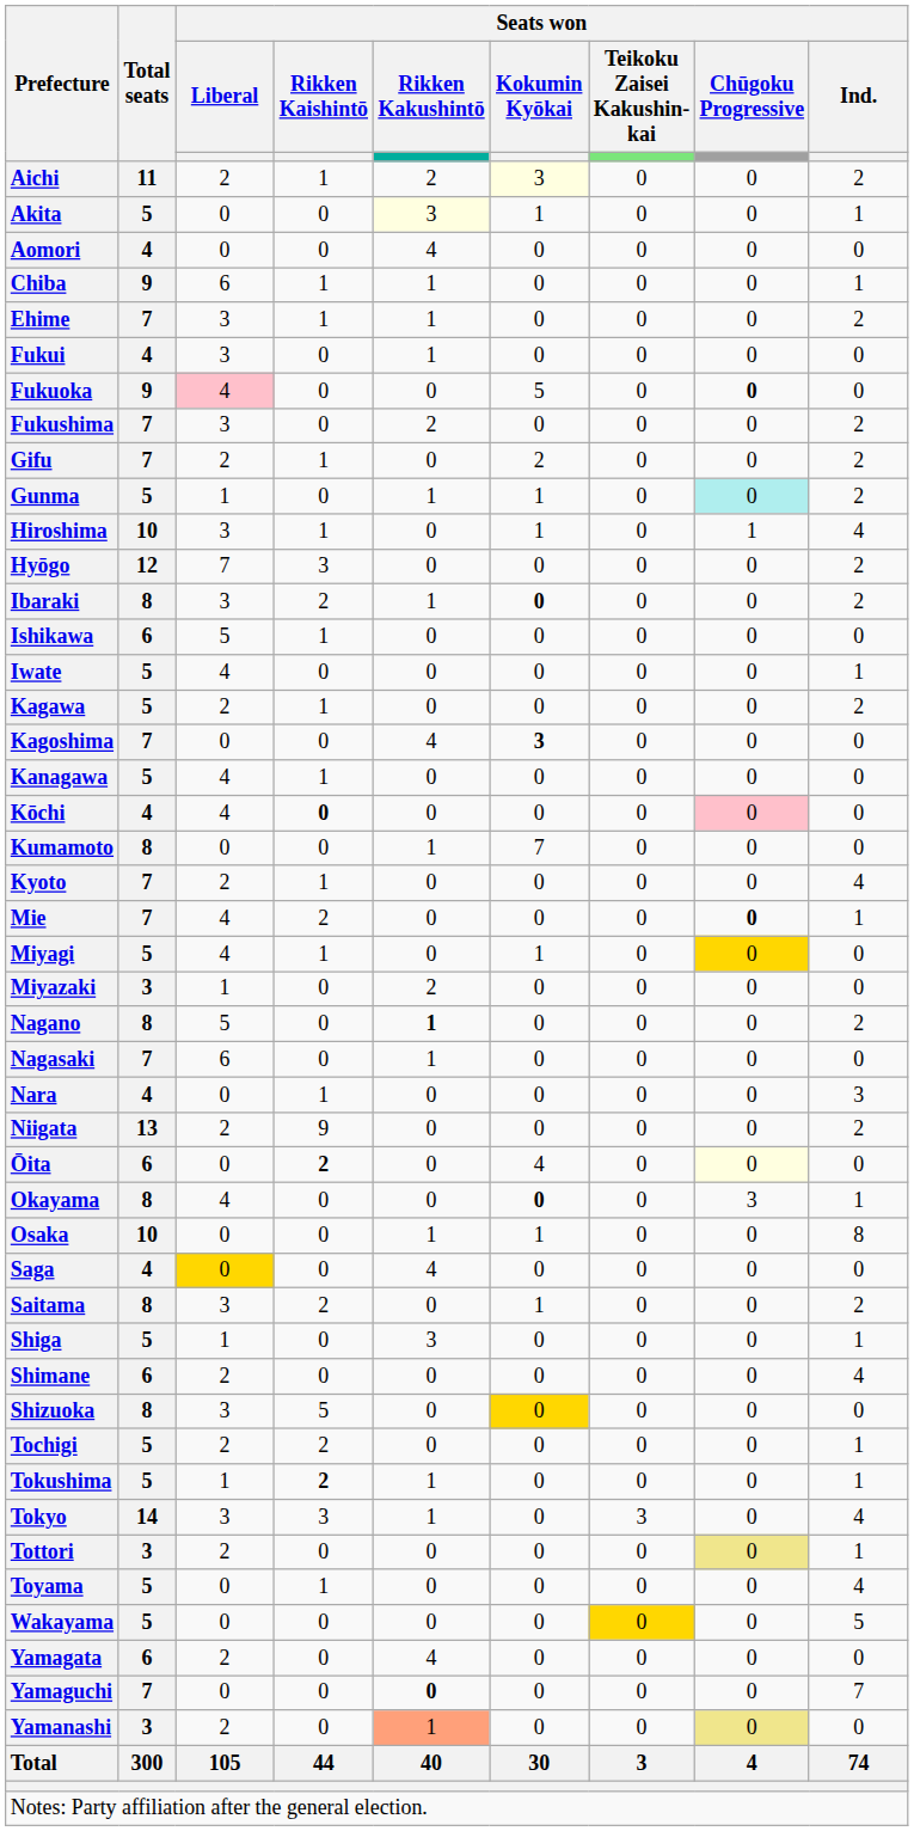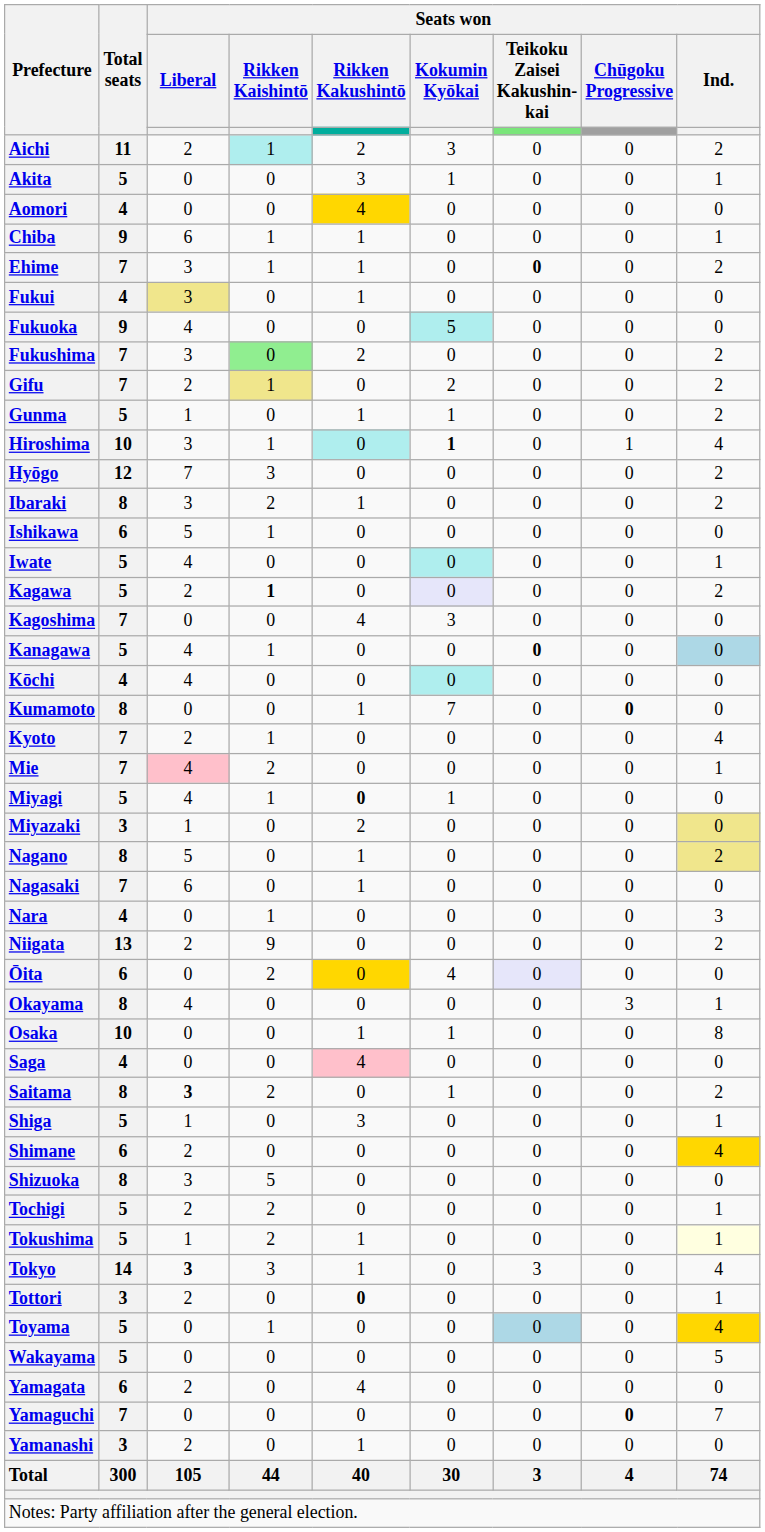 <table class="wikitable unsortable" style="text-align:center; font-size: 0.9em;">
 <tr>
 <th rowspan="3">Prefecture</th>
 <th rowspan="3">Total<br>seats</th>
 <th colspan="7">Seats won</th>
 </tr>
 <tr>
 <th class="unsortable" style="width:60px;"><a href='#'>Liberal</a></th>
 <th class="unsortable" style="width:60px;"><a href='#'>Rikken Kaishintō</a></th>
 <th class="unsortable" style="width:60px;"><a href='#'>Rikken Kakushintō</a></th>
 <th class="unsortable" style="width:60px;"><a href='#'>Kokumin Kyōkai</a></th>
 <th class="unsortable" style="width:60px;">Teikoku Zaisei Kakushin-kai</th>
 <th class="unsortable" style="width:60px;"><a href='#'>Chūgoku Progressive</a></th>
 <th class="unsortable" style="width:60px;">Ind.</th>
 </tr>
 <tr>
 <th style="background:"></th>
 <th style="background:"></th>
 <th style="background:#00AE9D;"></th>
 <th style="background:"></th>
 <th style="background:#7AE67A;"></th>
 <th style="background:#A0A0A0;"></th>
 <th style="background:"></th>
 </tr>
 <tr>
 <th style="text-align: left;"><a href='#'>Aichi</a></th>
 <th>11</th>
 <td>2</td>
-<td>1</td>
+<td style="background: paleturquoise;">1</td>
 <td>2</td>
-<td style="background: lightyellow;">3</td>
+<td>3</td>
 <td>0</td>
 <td>0</td>
 <td>2</td>
 </tr>
 <tr>
 <th style="text-align: left;"><a href='#'>Akita</a></th>
 <th>5</th>
 <td>0</td>
 <td>0</td>
-<td style="background: lightyellow;">3</td>
+<td>3</td>
 <td>1</td>
 <td>0</td>
 <td>0</td>
 <td>1</td>
 </tr>
 <tr>
 <th style="text-align: left;"><a href='#'>Aomori</a></th>
 <th>4</th>
 <td>0</td>
 <td>0</td>
-<td>4</td>
+<td style="background: gold;">4</td>
 <td>0</td>
 <td>0</td>
 <td>0</td>
 <td>0</td>
 </tr>
 <tr>
 <th style="text-align: left;"><a href='#'>Chiba</a></th>
 <th>9</th>
 <td>6</td>
 <td>1</td>
 <td>1</td>
 <td>0</td>
 <td>0</td>
 <td>0</td>
 <td>1</td>
 </tr>
 <tr>
 <th style="text-align: left;"><a href='#'>Ehime</a></th>
 <th>7</th>
 <td>3</td>
 <td>1</td>
 <td>1</td>
 <td>0</td>
-<td>0</td>
+<td><strong>0</strong></td>
 <td>0</td>
 <td>2</td>
 </tr>
 <tr>
 <th style="text-align: left;"><a href='#'>Fukui</a></th>
 <th>4</th>
-<td>3</td>
+<td style="background: khaki;">3</td>
 <td>0</td>
 <td>1</td>
 <td>0</td>
 <td>0</td>
 <td>0</td>
 <td>0</td>
 </tr>
 <tr>
 <th style="text-align: left;"><a href='#'>Fukuoka</a></th>
 <th>9</th>
-<td style="background: pink;">4</td>
+<td>4</td>
 <td>0</td>
 <td>0</td>
-<td>5</td>
+<td style="background: paleturquoise;">5</td>
 <td>0</td>
-<td><strong>0</strong></td>
+<td>0</td>
 <td>0</td>
 </tr>
 <tr>
 <th style="text-align: left;"><a href='#'>Fukushima</a></th>
 <th>7</th>
 <td>3</td>
-<td>0</td>
+<td style="background: lightgreen;">0</td>
 <td>2</td>
 <td>0</td>
 <td>0</td>
 <td>0</td>
 <td>2</td>
 </tr>
 <tr>
 <th style="text-align: left;"><a href='#'>Gifu</a></th>
 <th>7</th>
 <td>2</td>
-<td>1</td>
+<td style="background: khaki;">1</td>
 <td>0</td>
 <td>2</td>
 <td>0</td>
 <td>0</td>
 <td>2</td>
 </tr>
 <tr>
 <th style="text-align: left;"><a href='#'>Gunma</a></th>
 <th>5</th>
 <td>1</td>
 <td>0</td>
 <td>1</td>
 <td>1</td>
 <td>0</td>
-<td style="background: paleturquoise;">0</td>
+<td>0</td>
 <td>2</td>
 </tr>
 <tr>
 <th style="text-align: left;"><a href='#'>Hiroshima</a></th>
 <th>10</th>
 <td>3</td>
 <td>1</td>
-<td>0</td>
-<td>1</td>
+<td style="background: paleturquoise;">0</td>
+<td><strong>1</strong></td>
 <td>0</td>
 <td>1</td>
 <td>4</td>
 </tr>
 <tr>
 <th style="text-align: left;"><a href='#'>Hyōgo</a></th>
 <th>12</th>
 <td>7</td>
 <td>3</td>
 <td>0</td>
 <td>0</td>
 <td>0</td>
 <td>0</td>
 <td>2</td>
 </tr>
 <tr>
 <th style="text-align: left;"><a href='#'>Ibaraki</a></th>
 <th>8</th>
 <td>3</td>
 <td>2</td>
 <td>1</td>
-<td><strong>0</strong></td>
+<td>0</td>
 <td>0</td>
 <td>0</td>
 <td>2</td>
 </tr>
 <tr>
 <th style="text-align: left;"><a href='#'>Ishikawa</a></th>
 <th>6</th>
 <td>5</td>
 <td>1</td>
 <td>0</td>
 <td>0</td>
 <td>0</td>
 <td>0</td>
 <td>0</td>
 </tr>
 <tr>
 <th style="text-align: left;"><a href='#'>Iwate</a></th>
 <th>5</th>
 <td>4</td>
 <td>0</td>
 <td>0</td>
-<td>0</td>
+<td style="background: paleturquoise;">0</td>
 <td>0</td>
 <td>0</td>
 <td>1</td>
 </tr>
 <tr>
 <th style="text-align: left;"><a href='#'>Kagawa</a></th>
 <th>5</th>
 <td>2</td>
-<td>1</td>
+<td><strong>1</strong></td>
 <td>0</td>
-<td>0</td>
+<td style="background: lavender;">0</td>
 <td>0</td>
 <td>0</td>
 <td>2</td>
 </tr>
 <tr>
 <th style="text-align: left;"><a href='#'>Kagoshima</a></th>
 <th>7</th>
 <td>0</td>
 <td>0</td>
 <td>4</td>
-<td><strong>3</strong></td>
+<td>3</td>
 <td>0</td>
 <td>0</td>
 <td>0</td>
 </tr>
 <tr>
 <th style="text-align: left;"><a href='#'>Kanagawa</a></th>
 <th>5</th>
 <td>4</td>
 <td>1</td>
 <td>0</td>
 <td>0</td>
+<td><strong>0</strong></td>
 <td>0</td>
-<td>0</td>
-<td>0</td>
+<td style="background: lightblue;">0</td>
 </tr>
 <tr>
 <th style="text-align: left;"><a href='#'>Kōchi</a></th>
 <th>4</th>
 <td>4</td>
-<td><strong>0</strong></td>
 <td>0</td>
 <td>0</td>
+<td style="background: paleturquoise;">0</td>
 <td>0</td>
-<td style="background: pink;">0</td>
+<td>0</td>
 <td>0</td>
 </tr>
 <tr>
 <th style="text-align: left;"><a href='#'>Kumamoto</a></th>
 <th>8</th>
 <td>0</td>
 <td>0</td>
 <td>1</td>
 <td>7</td>
 <td>0</td>
-<td>0</td>
+<td><strong>0</strong></td>
 <td>0</td>
 </tr>
 <tr>
 <th style="text-align: left;"><a href='#'>Kyoto</a></th>
 <th>7</th>
 <td>2</td>
 <td>1</td>
 <td>0</td>
 <td>0</td>
 <td>0</td>
 <td>0</td>
 <td>4</td>
 </tr>
 <tr>
 <th style="text-align: left;"><a href='#'>Mie</a></th>
 <th>7</th>
-<td>4</td>
+<td style="background: pink;">4</td>
 <td>2</td>
 <td>0</td>
 <td>0</td>
 <td>0</td>
-<td><strong>0</strong></td>
+<td>0</td>
 <td>1</td>
 </tr>
 <tr>
 <th style="text-align: left;"><a href='#'>Miyagi</a></th>
 <th>5</th>
 <td>4</td>
 <td>1</td>
-<td>0</td>
+<td><strong>0</strong></td>
 <td>1</td>
 <td>0</td>
-<td style="background: gold;">0</td>
+<td>0</td>
 <td>0</td>
 </tr>
 <tr>
 <th style="text-align: left;"><a href='#'>Miyazaki</a></th>
 <th>3</th>
 <td>1</td>
 <td>0</td>
 <td>2</td>
 <td>0</td>
 <td>0</td>
 <td>0</td>
-<td>0</td>
+<td style="background: khaki;">0</td>
 </tr>
 <tr>
 <th style="text-align: left;"><a href='#'>Nagano</a></th>
 <th>8</th>
 <td>5</td>
 <td>0</td>
-<td><strong>1</strong></td>
+<td>1</td>
 <td>0</td>
 <td>0</td>
 <td>0</td>
-<td>2</td>
+<td style="background: khaki;">2</td>
 </tr>
 <tr>
 <th style="text-align: left;"><a href='#'>Nagasaki</a></th>
 <th>7</th>
 <td>6</td>
 <td>0</td>
 <td>1</td>
 <td>0</td>
 <td>0</td>
 <td>0</td>
 <td>0</td>
 </tr>
 <tr>
 <th style="text-align: left;"><a href='#'>Nara</a></th>
 <th>4</th>
 <td>0</td>
 <td>1</td>
 <td>0</td>
 <td>0</td>
 <td>0</td>
 <td>0</td>
 <td>3</td>
 </tr>
 <tr>
 <th style="text-align: left;"><a href='#'>Niigata</a></th>
 <th>13</th>
 <td>2</td>
 <td>9</td>
 <td>0</td>
 <td>0</td>
 <td>0</td>
 <td>0</td>
 <td>2</td>
 </tr>
 <tr>
 <th style="text-align: left;"><a href='#'>Ōita</a></th>
 <th>6</th>
 <td>0</td>
-<td><strong>2</strong></td>
+<td>2</td>
+<td style="background: gold;">0</td>
+<td>4</td>
+<td style="background: lavender;">0</td>
 <td>0</td>
-<td>4</td>
-<td>0</td>
-<td style="background: lightyellow;">0</td>
 <td>0</td>
 </tr>
 <tr>
 <th style="text-align: left;"><a href='#'>Okayama</a></th>
 <th>8</th>
 <td>4</td>
 <td>0</td>
 <td>0</td>
-<td><strong>0</strong></td>
+<td>0</td>
 <td>0</td>
 <td>3</td>
 <td>1</td>
 </tr>
 <tr>
 <th style="text-align: left;"><a href='#'>Osaka</a></th>
 <th>10</th>
 <td>0</td>
 <td>0</td>
 <td>1</td>
 <td>1</td>
 <td>0</td>
 <td>0</td>
 <td>8</td>
 </tr>
 <tr>
 <th style="text-align: left;"><a href='#'>Saga</a></th>
 <th>4</th>
-<td style="background: gold;">0</td>
 <td>0</td>
-<td>4</td>
+<td>0</td>
+<td style="background: pink;">4</td>
 <td>0</td>
 <td>0</td>
 <td>0</td>
 <td>0</td>
 </tr>
 <tr>
 <th style="text-align: left;"><a href='#'>Saitama</a></th>
 <th>8</th>
-<td>3</td>
+<td><strong>3</strong></td>
 <td>2</td>
 <td>0</td>
 <td>1</td>
 <td>0</td>
 <td>0</td>
 <td>2</td>
 </tr>
 <tr>
 <th style="text-align: left;"><a href='#'>Shiga</a></th>
 <th>5</th>
 <td>1</td>
 <td>0</td>
 <td>3</td>
 <td>0</td>
 <td>0</td>
 <td>0</td>
 <td>1</td>
 </tr>
 <tr>
 <th style="text-align: left;"><a href='#'>Shimane</a></th>
 <th>6</th>
 <td>2</td>
 <td>0</td>
 <td>0</td>
 <td>0</td>
 <td>0</td>
 <td>0</td>
-<td>4</td>
+<td style="background: gold;">4</td>
 </tr>
 <tr>
 <th style="text-align: left;"><a href='#'>Shizuoka</a></th>
 <th>8</th>
 <td>3</td>
 <td>5</td>
 <td>0</td>
-<td style="background: gold;">0</td>
+<td>0</td>
 <td>0</td>
 <td>0</td>
 <td>0</td>
 </tr>
 <tr>
 <th style="text-align: left;"><a href='#'>Tochigi</a></th>
 <th>5</th>
 <td>2</td>
 <td>2</td>
 <td>0</td>
 <td>0</td>
 <td>0</td>
 <td>0</td>
 <td>1</td>
 </tr>
 <tr>
 <th style="text-align: left;"><a href='#'>Tokushima</a></th>
 <th>5</th>
 <td>1</td>
-<td><strong>2</strong></td>
+<td>2</td>
 <td>1</td>
 <td>0</td>
 <td>0</td>
 <td>0</td>
-<td>1</td>
+<td style="background: lightyellow;">1</td>
 </tr>
 <tr>
 <th style="text-align: left;"><a href='#'>Tokyo</a></th>
 <th>14</th>
-<td>3</td>
+<td><strong>3</strong></td>
 <td>3</td>
 <td>1</td>
 <td>0</td>
 <td>3</td>
 <td>0</td>
 <td>4</td>
 </tr>
 <tr>
 <th style="text-align: left;"><a href='#'>Tottori</a></th>
 <th>3</th>
 <td>2</td>
 <td>0</td>
+<td><strong>0</strong></td>
 <td>0</td>
 <td>0</td>
 <td>0</td>
-<td style="background: khaki;">0</td>
 <td>1</td>
 </tr>
 <tr>
 <th style="text-align: left;"><a href='#'>Toyama</a></th>
 <th>5</th>
 <td>0</td>
 <td>1</td>
 <td>0</td>
 <td>0</td>
+<td style="background: lightblue;">0</td>
 <td>0</td>
-<td>0</td>
-<td>4</td>
+<td style="background: gold;">4</td>
 </tr>
 <tr>
 <th style="text-align: left;"><a href='#'>Wakayama</a></th>
 <th>5</th>
 <td>0</td>
 <td>0</td>
 <td>0</td>
 <td>0</td>
-<td style="background: gold;">0</td>
+<td>0</td>
 <td>0</td>
 <td>5</td>
 </tr>
 <tr>
 <th style="text-align: left;"><a href='#'>Yamagata</a></th>
 <th>6</th>
 <td>2</td>
 <td>0</td>
 <td>4</td>
 <td>0</td>
 <td>0</td>
 <td>0</td>
 <td>0</td>
 </tr>
 <tr>
 <th style="text-align: left;"><a href='#'>Yamaguchi</a></th>
 <th>7</th>
 <td>0</td>
 <td>0</td>
-<td><strong>0</strong></td>
 <td>0</td>
 <td>0</td>
 <td>0</td>
+<td><strong>0</strong></td>
 <td>7</td>
 </tr>
 <tr>
 <th style="text-align: left;"><a href='#'>Yamanashi</a></th>
 <th>3</th>
 <td>2</td>
 <td>0</td>
-<td style="background: lightsalmon;">1</td>
+<td>1</td>
 <td>0</td>
 <td>0</td>
-<td style="background: khaki;">0</td>
+<td>0</td>
 <td>0</td>
 </tr>
 <tr class="sortbottom">
 <th style="text-align: left;">Total</th>
 <th>300</th>
 <th>105</th>
 <th>44</th>
 <th>40</th>
 <th>30</th>
 <th>3</th>
 <th>4</th>
 <th>74</th>
 </tr>
 <tr>
 <th colspan="9"></th>
 </tr>
 <tr>
 <td colspan="9" style="text-align: left;">Notes: Party affiliation after the general election.</td>
 </tr>
 </table>
